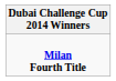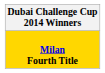 <table class="wikitable" style="text-align: center; margin: 0 auto;">
 <tr>
 <th>Dubai Challenge Cup<br>2014 Winners</th>
 </tr>
 <tr>
-<td><br><strong><a href='#'>Milan</a></strong><br><strong>Fourth Title</strong></td>
+<td style="background: gold;"><br><strong><a href='#'>Milan</a></strong><br><strong>Fourth Title</strong></td>
 </tr>
 </table>
